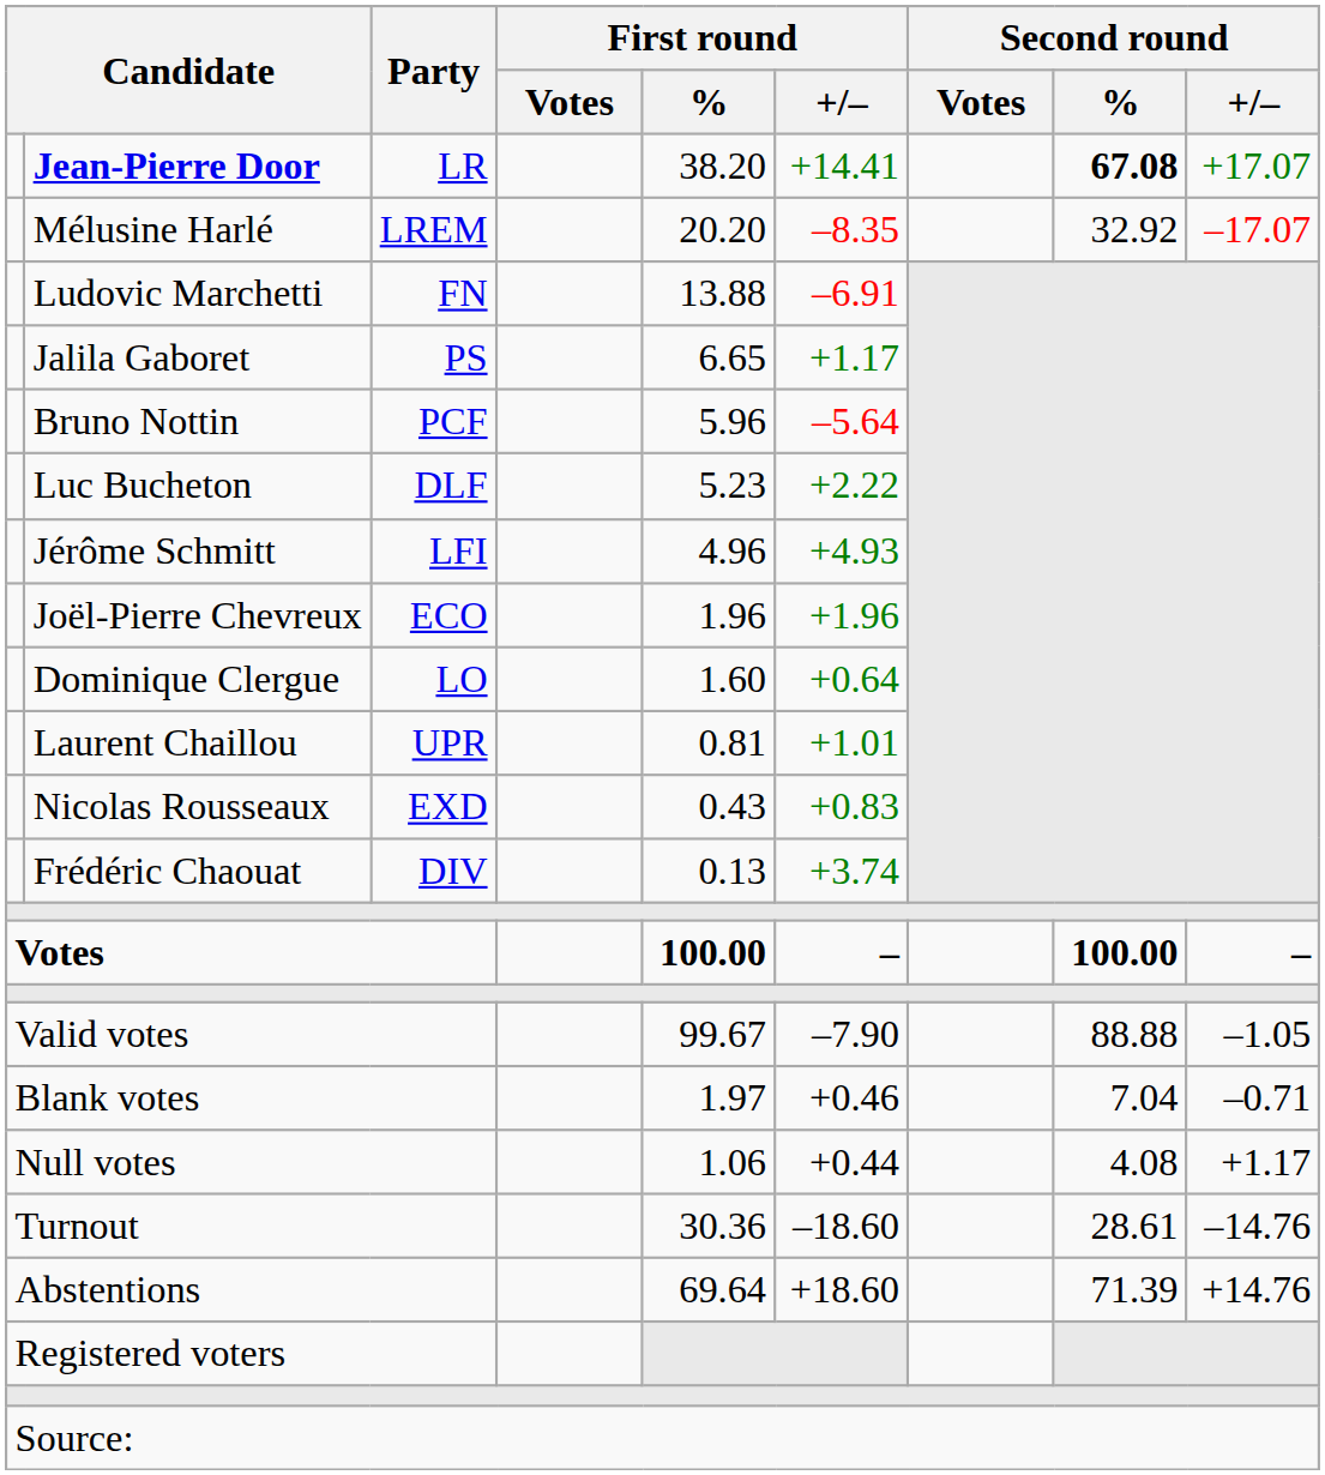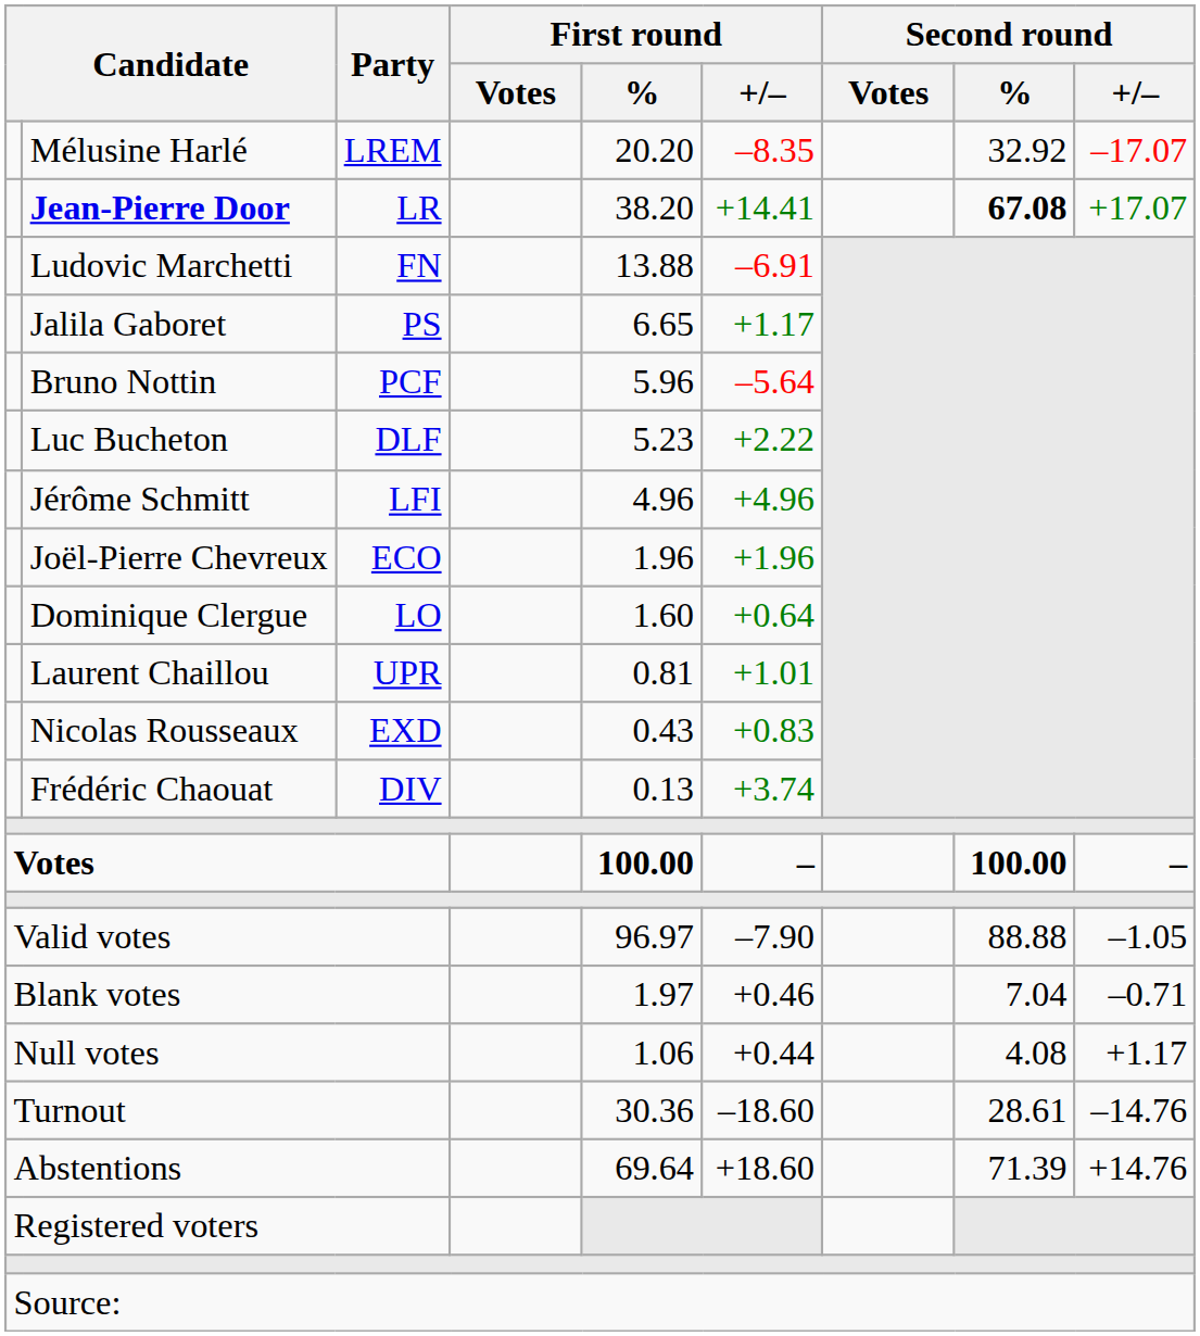 <table class="wikitable" style="text-align:right;font-size:95%;">
 <tr>
 <th rowspan="2" colspan="2">Candidate</th>
 <th rowspan="2">Party</th>
 <th colspan="3">First round</th>
 <th colspan="3">Second round</th>
 </tr>
 <tr>
 <th style="width:50px;">Votes</th>
 <th style="width:45px;">%</th>
 <th style="width:45px;">+/–</th>
 <th style="width:50px;">Votes</th>
 <th style="width:45px;">%</th>
 <th style="width:45px;">+/–</th>
 </tr>
 <tr>
 <td style="background:"></td>
+<td style="text-align:left;">Mélusine Harlé</td>
+<td><a href='#'>LREM</a></td>
+<td></td>
+<td>20.20</td>
+<td style="color:red;">–8.35</td>
+<td></td>
+<td>32.92</td>
+<td style="color:red;">–17.07</td>
+</tr>
+<tr>
+<td style="background:"></td>
 <td style="text-align:left;"><strong><a href='#'>Jean-Pierre Door</a></strong></td>
 <td><a href='#'>LR</a></td>
 <td></td>
 <td>38.20</td>
 <td style="color:green;">+14.41</td>
 <td><strong></strong></td>
 <td><strong>67.08</strong></td>
 <td style="color:green;">+17.07</td>
-</tr>
-<tr>
-<td style="background:"></td>
-<td style="text-align:left;">Mélusine Harlé</td>
-<td><a href='#'>LREM</a></td>
-<td></td>
-<td>20.20</td>
-<td style="color:red;">–8.35</td>
-<td></td>
-<td>32.92</td>
-<td style="color:red;">–17.07</td>
 </tr>
 <tr>
 <td style="background:"></td>
 <td style="text-align:left;">Ludovic Marchetti</td>
 <td><a href='#'>FN</a></td>
 <td></td>
 <td>13.88</td>
 <td style="color:red;">–6.91</td>
 <td colspan="3" rowspan="10" style="background:#E9E9E9;"></td>
 </tr>
 <tr>
 <td style="background:"></td>
 <td style="text-align:left;">Jalila Gaboret</td>
 <td><a href='#'>PS</a></td>
 <td></td>
 <td>6.65</td>
 <td style="color:green;">+1.17</td>
 </tr>
 <tr>
 <td style="background:"></td>
 <td style="text-align:left;">Bruno Nottin</td>
 <td><a href='#'>PCF</a></td>
 <td></td>
 <td>5.96</td>
 <td style="color:red;">–5.64</td>
 </tr>
 <tr>
 <td style="background:"></td>
 <td style="text-align:left;">Luc Bucheton</td>
 <td><a href='#'>DLF</a></td>
 <td></td>
 <td>5.23</td>
 <td style="color:green;">+2.22</td>
 </tr>
 <tr>
 <td style="background:"></td>
 <td style="text-align:left;">Jérôme Schmitt</td>
 <td><a href='#'>LFI</a></td>
 <td></td>
 <td>4.96</td>
-<td style="color:green;">+4.93</td>
+<td style="color:green;">+4.96</td>
 </tr>
 <tr>
 <td style="background:"></td>
 <td style="text-align:left;">Joël-Pierre Chevreux</td>
 <td><a href='#'>ECO</a></td>
 <td></td>
 <td>1.96</td>
 <td style="color:green;">+1.96</td>
 </tr>
 <tr>
 <td style="background:"></td>
 <td style="text-align:left;">Dominique Clergue</td>
 <td><a href='#'>LO</a></td>
 <td></td>
 <td>1.60</td>
 <td style="color:green;">+0.64</td>
 </tr>
 <tr>
 <td style="background:"></td>
 <td style="text-align:left;">Laurent Chaillou</td>
 <td><a href='#'>UPR</a></td>
 <td></td>
 <td>0.81</td>
 <td style="color:green;">+1.01</td>
 </tr>
 <tr>
 <td style="background:"></td>
 <td style="text-align:left;">Nicolas Rousseaux</td>
 <td><a href='#'>EXD</a></td>
 <td></td>
 <td>0.43</td>
 <td style="color:green;">+0.83</td>
 </tr>
 <tr>
 <td style="background:"></td>
 <td style="text-align:left;">Frédéric Chaouat</td>
 <td><a href='#'>DIV</a></td>
 <td></td>
 <td>0.13</td>
 <td style="color:green;">+3.74</td>
 </tr>
 <tr>
 <td colspan="9" style="background:#E9E9E9;"></td>
 </tr>
 <tr style="font-weight:bold;">
 <td colspan="3" style="text-align:left;">Votes</td>
 <td></td>
 <td>100.00</td>
 <td>–</td>
 <td></td>
 <td>100.00</td>
 <td>–</td>
 </tr>
 <tr>
 <td colspan="9" style="background:#E9E9E9;"></td>
 </tr>
 <tr>
 <td colspan="3" style="text-align:left;">Valid votes</td>
 <td></td>
-<td>99.67</td>
+<td>96.97</td>
 <td>–7.90</td>
 <td></td>
 <td>88.88</td>
 <td>–1.05</td>
 </tr>
 <tr>
 <td colspan="3" style="text-align:left;">Blank votes</td>
 <td></td>
 <td>1.97</td>
 <td>+0.46</td>
 <td></td>
 <td>7.04</td>
 <td>–0.71</td>
 </tr>
 <tr>
 <td colspan="3" style="text-align:left;">Null votes</td>
 <td></td>
 <td>1.06</td>
 <td>+0.44</td>
 <td></td>
 <td>4.08</td>
 <td>+1.17</td>
 </tr>
 <tr>
 <td colspan="3" style="text-align:left;">Turnout</td>
 <td></td>
 <td>30.36</td>
 <td>–18.60</td>
 <td></td>
 <td>28.61</td>
 <td>–14.76</td>
 </tr>
 <tr>
 <td colspan="3" style="text-align:left;">Abstentions</td>
 <td></td>
 <td>69.64</td>
 <td>+18.60</td>
 <td></td>
 <td>71.39</td>
 <td>+14.76</td>
 </tr>
 <tr>
 <td colspan="3" style="text-align:left;">Registered voters</td>
 <td></td>
 <td colspan="2" style="background:#E9E9E9;"></td>
 <td></td>
 <td colspan="2" style="background:#E9E9E9;"></td>
 </tr>
 <tr>
 <td colspan="9" style="background:#E9E9E9;"></td>
 </tr>
 <tr>
 <td colspan="9" style="text-align:left;">Source: </td>
 </tr>
 </table>
